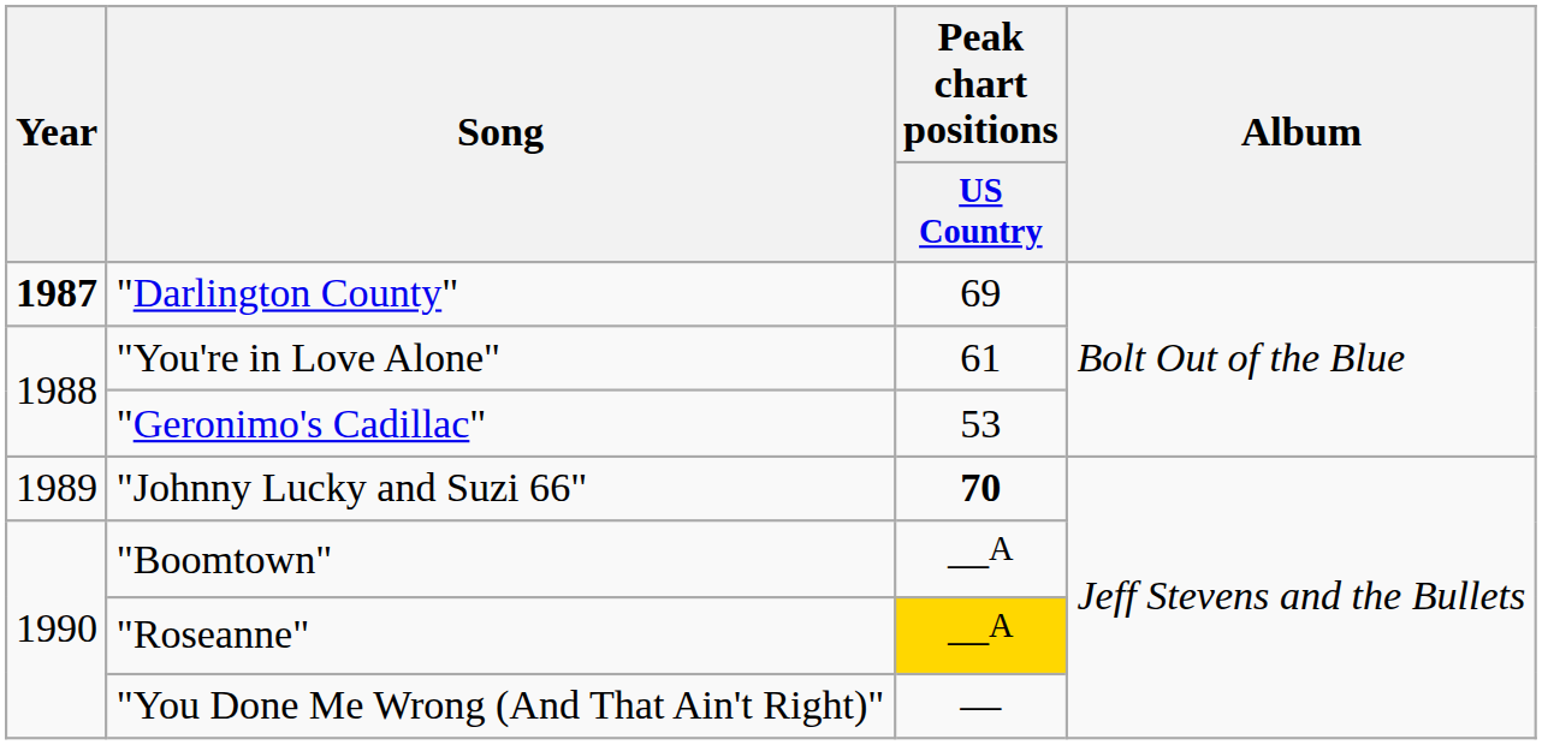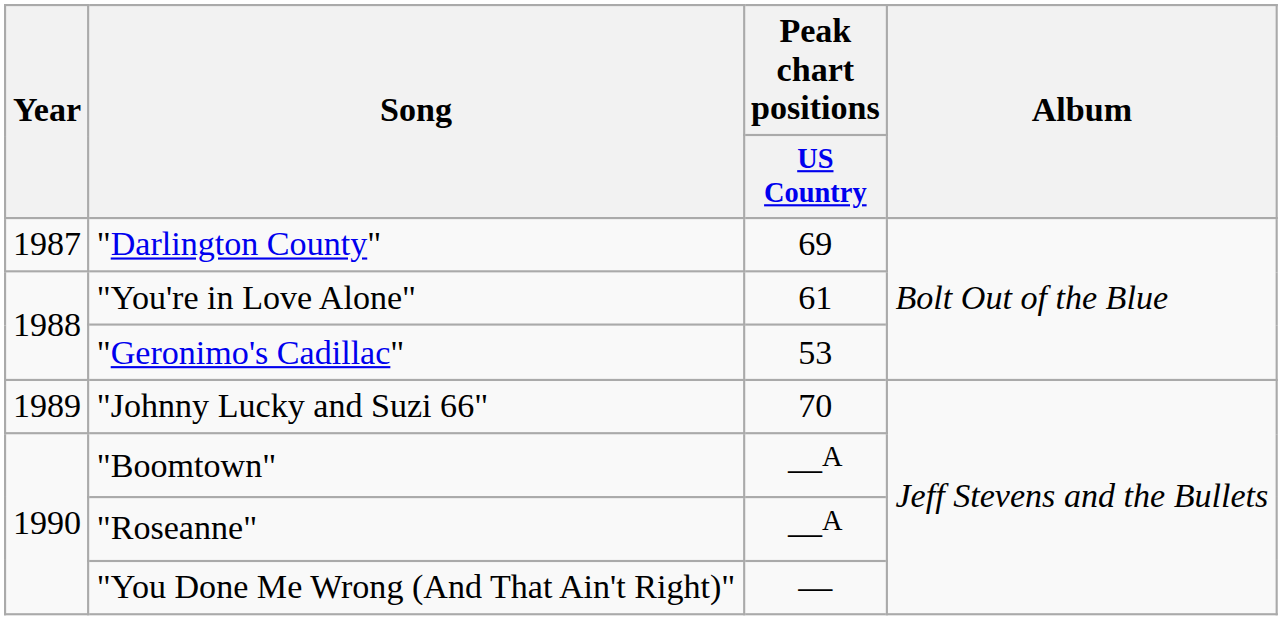 <table class="wikitable">
 <tr>
 <th rowspan="2">Year</th>
 <th rowspan="2">Song</th>
 <th colspan="1">Peak chart positions</th>
 <th rowspan="2">Album</th>
 </tr>
 <tr style="font-size:smaller;">
 <th width="40"><a href='#'>US Country</a></th>
 </tr>
 <tr>
-<td><strong>1987</strong></td>
+<td>1987</td>
 <td>"<a href='#'>Darlington County</a>"</td>
 <td align=center>69</td>
 <td rowspan=3><em>Bolt Out of the Blue</em></td>
 </tr>
 <tr>
 <td rowspan=2>1988</td>
 <td>"You're in Love Alone"</td>
 <td align=center>61</td>
 </tr>
 <tr>
 <td>"<a href='#'>Geronimo's Cadillac</a>"</td>
 <td align=center>53</td>
 </tr>
 <tr>
 <td>1989</td>
 <td>"Johnny Lucky and Suzi 66"</td>
-<td align=center><strong>70</strong></td>
+<td align=center>70</td>
 <td rowspan=4><em>Jeff Stevens and the Bullets</em></td>
 </tr>
 <tr>
 <td rowspan=3>1990</td>
 <td>"Boomtown"</td>
 <td align=center>—<sup>A</sup></td>
 </tr>
 <tr>
 <td>"Roseanne"</td>
-<td align=center style="background: gold;">—<sup>A</sup></td>
+<td align=center>—<sup>A</sup></td>
 </tr>
 <tr>
 <td>"You Done Me Wrong (And That Ain't Right)"</td>
 <td align=center>—</td>
 </tr>
 </table>
